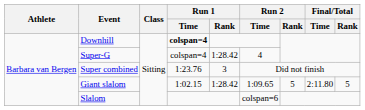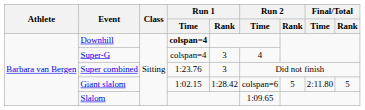 <table class="wikitable" style="font-size:90%">
 <tr>
 <th rowspan="2">Athlete</th>
 <th rowspan="2">Event</th>
 <th rowspan="2">Class</th>
 <th colspan="2">Run 1</th>
 <th colspan="2">Run 2</th>
 <th colspan="2">Final/Total</th>
 </tr>
 <tr>
 <th>Time</th>
 <th>Rank</th>
 <th>Time</th>
 <th>Rank</th>
 <th>Time</th>
 <th>Rank</th>
 </tr>
 <tr align=center>
 <td align=left rowspan=5><a href='#'>Barbara van Bergen</a></td>
 <td align=left><a href='#'>Downhill</a></td>
 <td align=left rowspan=5>Sitting</td>
 <td><strong>colspan=4 </strong></td>
 <td colspan=2></td>
 </tr>
 <tr align=center>
 <td align=left><a href='#'>Super-G</a></td>
 <td>colspan=4 </td>
-<td>1:28.42</td>
+<td>3</td>
 <td>4</td>
 </tr>
 <tr align=center>
 <td align=left><a href='#'>Super combined</a></td>
 <td>1:23.76</td>
 <td>3</td>
 <td colspan=6>Did not finish</td>
 </tr>
 <tr align=center>
 <td align=left><a href='#'>Giant slalom</a></td>
 <td>1:02.15</td>
 <td>1:28.42</td>
-<td>1:09.65</td>
+<td>colspan=6 </td>
 <td>5</td>
 <td>2:11.80</td>
 <td>5</td>
 </tr>
 <tr align=center>
 <td align=left><a href='#'>Slalom</a></td>
 <td colspan=2></td>
-<td>colspan=6 </td>
+<td>1:09.65</td>
 </tr>
 </table>
